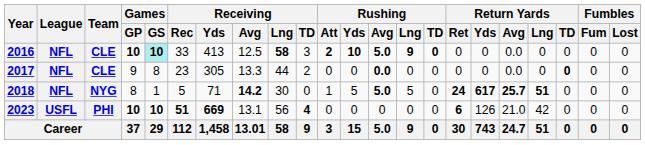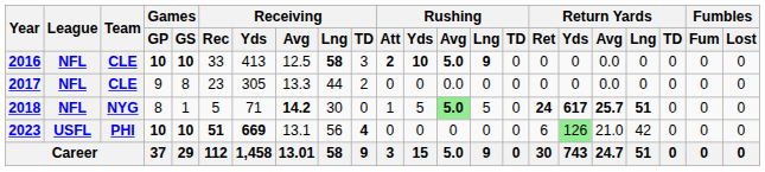 <table class="wikitable" style="text-align: center;">
 <tr>
 <th rowspan="2">Year</th>
 <th rowspan="2">League</th>
 <th rowspan="2">Team</th>
 <th colspan="2">Games</th>
 <th colspan="5">Receiving</th>
 <th colspan="5">Rushing</th>
 <th colspan="5">Return Yards</th>
 <th colspan="2">Fumbles</th>
 </tr>
 <tr>
 <th>GP</th>
 <th>GS</th>
 <th>Rec</th>
 <th>Yds</th>
 <th>Avg</th>
 <th>Lng</th>
 <th>TD</th>
 <th>Att</th>
 <th>Yds</th>
 <th>Avg</th>
 <th>Lng</th>
 <th>TD</th>
 <th>Ret</th>
 <th>Yds</th>
 <th>Avg</th>
 <th>Lng</th>
 <th>TD</th>
 <th>Fum</th>
 <th>Lost</th>
 </tr>
 <tr>
 <th><a href='#'>2016</a></th>
 <th><a href='#'>NFL</a></th>
 <th><a href='#'>CLE</a></th>
 <td><strong>10</strong></td>
-<td style="background: paleturquoise;"><strong>10</strong></td>
+<td><strong>10</strong></td>
 <td>33</td>
 <td>413</td>
 <td>12.5</td>
 <td><strong>58</strong></td>
 <td>3</td>
 <td><strong>2</strong></td>
 <td><strong>10</strong></td>
 <td><strong>5.0</strong></td>
 <td><strong>9</strong></td>
-<td><strong>0</strong></td>
+<td>0</td>
 <td>0</td>
 <td>0</td>
 <td>0.0</td>
 <td>0</td>
 <td>0</td>
 <td>0</td>
 <td>0</td>
 </tr>
 <tr>
 <th><a href='#'>2017</a></th>
 <th><a href='#'>NFL</a></th>
 <th><a href='#'>CLE</a></th>
 <td>9</td>
 <td>8</td>
 <td>23</td>
 <td>305</td>
 <td>13.3</td>
 <td>44</td>
 <td>2</td>
 <td>0</td>
 <td>0</td>
-<td><strong>0.0</strong></td>
+<td>0.0</td>
 <td>0</td>
 <td>0</td>
 <td>0</td>
 <td>0</td>
 <td>0.0</td>
 <td>0</td>
-<td><strong>0</strong></td>
+<td>0</td>
 <td>0</td>
 <td>0</td>
 </tr>
 <tr>
 <th><a href='#'>2018</a></th>
 <th><a href='#'>NFL</a></th>
 <th><a href='#'>NYG</a></th>
 <td>8</td>
 <td>1</td>
 <td>5</td>
 <td>71</td>
 <td><strong>14.2</strong></td>
 <td>30</td>
 <td>0</td>
 <td>1</td>
 <td>5</td>
-<td><strong>5.0</strong></td>
+<td style="background: lightgreen;"><strong>5.0</strong></td>
 <td>5</td>
 <td>0</td>
 <td><strong>24</strong></td>
 <td><strong>617</strong></td>
 <td><strong>25.7</strong></td>
 <td><strong>51</strong></td>
 <td>0</td>
 <td>0</td>
 <td>0</td>
 </tr>
 <tr>
 <th><a href='#'>2023</a></th>
 <th><a href='#'>USFL</a></th>
 <th><a href='#'>PHI</a></th>
 <td><strong>10</strong></td>
 <td><strong>10</strong></td>
 <td><strong>51</strong></td>
 <td><strong>669</strong></td>
 <td>13.1</td>
 <td>56</td>
 <td><strong>4</strong></td>
 <td>0</td>
 <td>0</td>
 <td>0</td>
 <td>0</td>
 <td>0</td>
-<td><strong>6</strong></td>
-<td>126</td>
+<td>6</td>
+<td style="background: lightgreen;">126</td>
 <td>21.0</td>
 <td>42</td>
 <td>0</td>
 <td>0</td>
 <td>0</td>
 </tr>
 <tr>
 <th colspan="3">Career </th>
 <th>37</th>
 <th>29</th>
 <th>112</th>
 <th>1,458</th>
 <th>13.01</th>
 <th>58</th>
 <th>9</th>
 <th>3</th>
 <th>15</th>
 <th>5.0</th>
 <th>9</th>
 <th>0</th>
 <th>30</th>
 <th>743</th>
 <th>24.7</th>
 <th>51</th>
 <th>0</th>
 <th>0</th>
 <th>0</th>
 </tr>
 </table>
